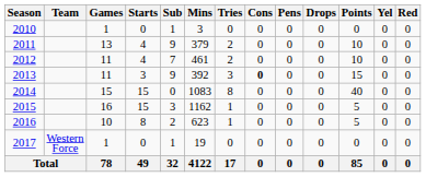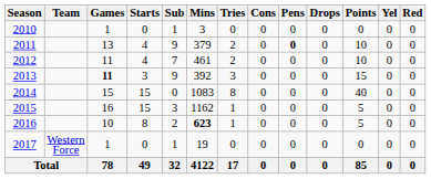 <table class="wikitable" style="text-align:center; line-height:90%; font-size:95%; width:60%;">
 <tr>
 <th>Season</th>
 <th>Team</th>
 <th>Games</th>
 <th>Starts</th>
 <th>Sub</th>
 <th>Mins</th>
 <th>Tries</th>
 <th>Cons</th>
 <th>Pens</th>
 <th>Drops</th>
 <th>Points</th>
 <th>Yel</th>
 <th>Red</th>
 </tr>
 <tr>
 <td><a href='#'>2010</a></td>
 <td></td>
 <td>1</td>
 <td>0</td>
 <td>1</td>
 <td>3</td>
 <td>0</td>
 <td>0</td>
 <td>0</td>
 <td>0</td>
 <td>0</td>
 <td>0</td>
 <td>0</td>
 </tr>
 <tr>
 <td><a href='#'>2011</a></td>
 <td></td>
 <td>13</td>
 <td>4</td>
 <td>9</td>
 <td>379</td>
 <td>2</td>
 <td>0</td>
-<td>0</td>
+<td><strong>0</strong></td>
 <td>0</td>
 <td>10</td>
 <td>0</td>
 <td>0</td>
 </tr>
 <tr>
 <td><a href='#'>2012</a></td>
 <td></td>
 <td>11</td>
 <td>4</td>
 <td>7</td>
 <td>461</td>
 <td>2</td>
 <td>0</td>
 <td>0</td>
 <td>0</td>
 <td>10</td>
 <td>0</td>
 <td>0</td>
 </tr>
 <tr>
 <td><a href='#'>2013</a></td>
 <td></td>
-<td>11</td>
+<td><strong>11</strong></td>
 <td>3</td>
 <td>9</td>
 <td>392</td>
 <td>3</td>
-<td><strong>0</strong></td>
+<td>0</td>
 <td>0</td>
 <td>0</td>
 <td>15</td>
 <td>0</td>
 <td>0</td>
 </tr>
 <tr>
 <td><a href='#'>2014</a></td>
 <td></td>
 <td>15</td>
 <td>15</td>
 <td>0</td>
 <td>1083</td>
 <td>8</td>
 <td>0</td>
 <td>0</td>
 <td>0</td>
 <td>40</td>
 <td>0</td>
 <td>0</td>
 </tr>
 <tr>
 <td><a href='#'>2015</a></td>
 <td></td>
 <td>16</td>
 <td>15</td>
 <td>3</td>
 <td>1162</td>
 <td>1</td>
 <td>0</td>
 <td>0</td>
 <td>0</td>
 <td>5</td>
 <td>0</td>
 <td>0</td>
 </tr>
 <tr>
 <td><a href='#'>2016</a></td>
 <td></td>
 <td>10</td>
 <td>8</td>
 <td>2</td>
-<td>623</td>
+<td><strong>623</strong></td>
 <td>1</td>
 <td>0</td>
 <td>0</td>
 <td>0</td>
 <td>5</td>
 <td>0</td>
 <td>0</td>
 </tr>
 <tr>
 <td><a href='#'>2017</a></td>
 <td><a href='#'>Western Force</a></td>
 <td>1</td>
 <td>0</td>
 <td>1</td>
 <td>19</td>
 <td>0</td>
 <td>0</td>
 <td>0</td>
 <td>0</td>
 <td>0</td>
 <td>0</td>
 <td>0</td>
 </tr>
 <tr>
 <th colspan="2">Total</th>
 <th>78</th>
 <th>49</th>
 <th>32</th>
 <th>4122</th>
 <th>17</th>
 <th>0</th>
 <th>0</th>
 <th>0</th>
 <th>85</th>
 <th>0</th>
 <th>0</th>
 </tr>
 </table>
